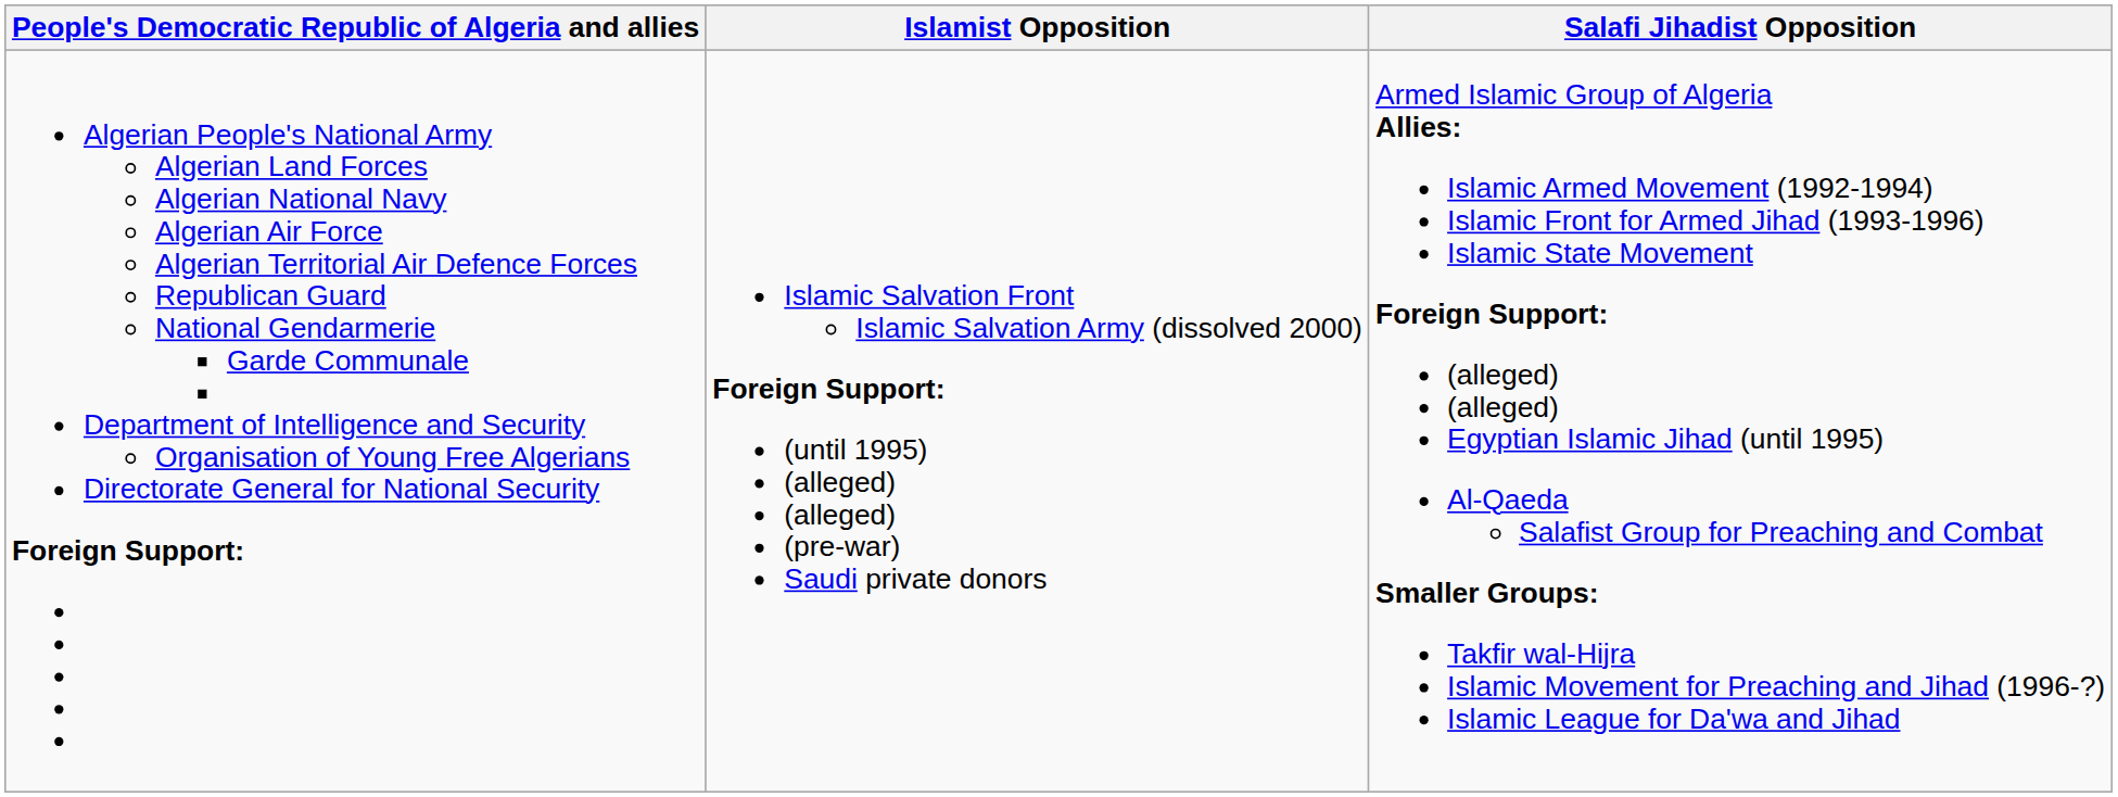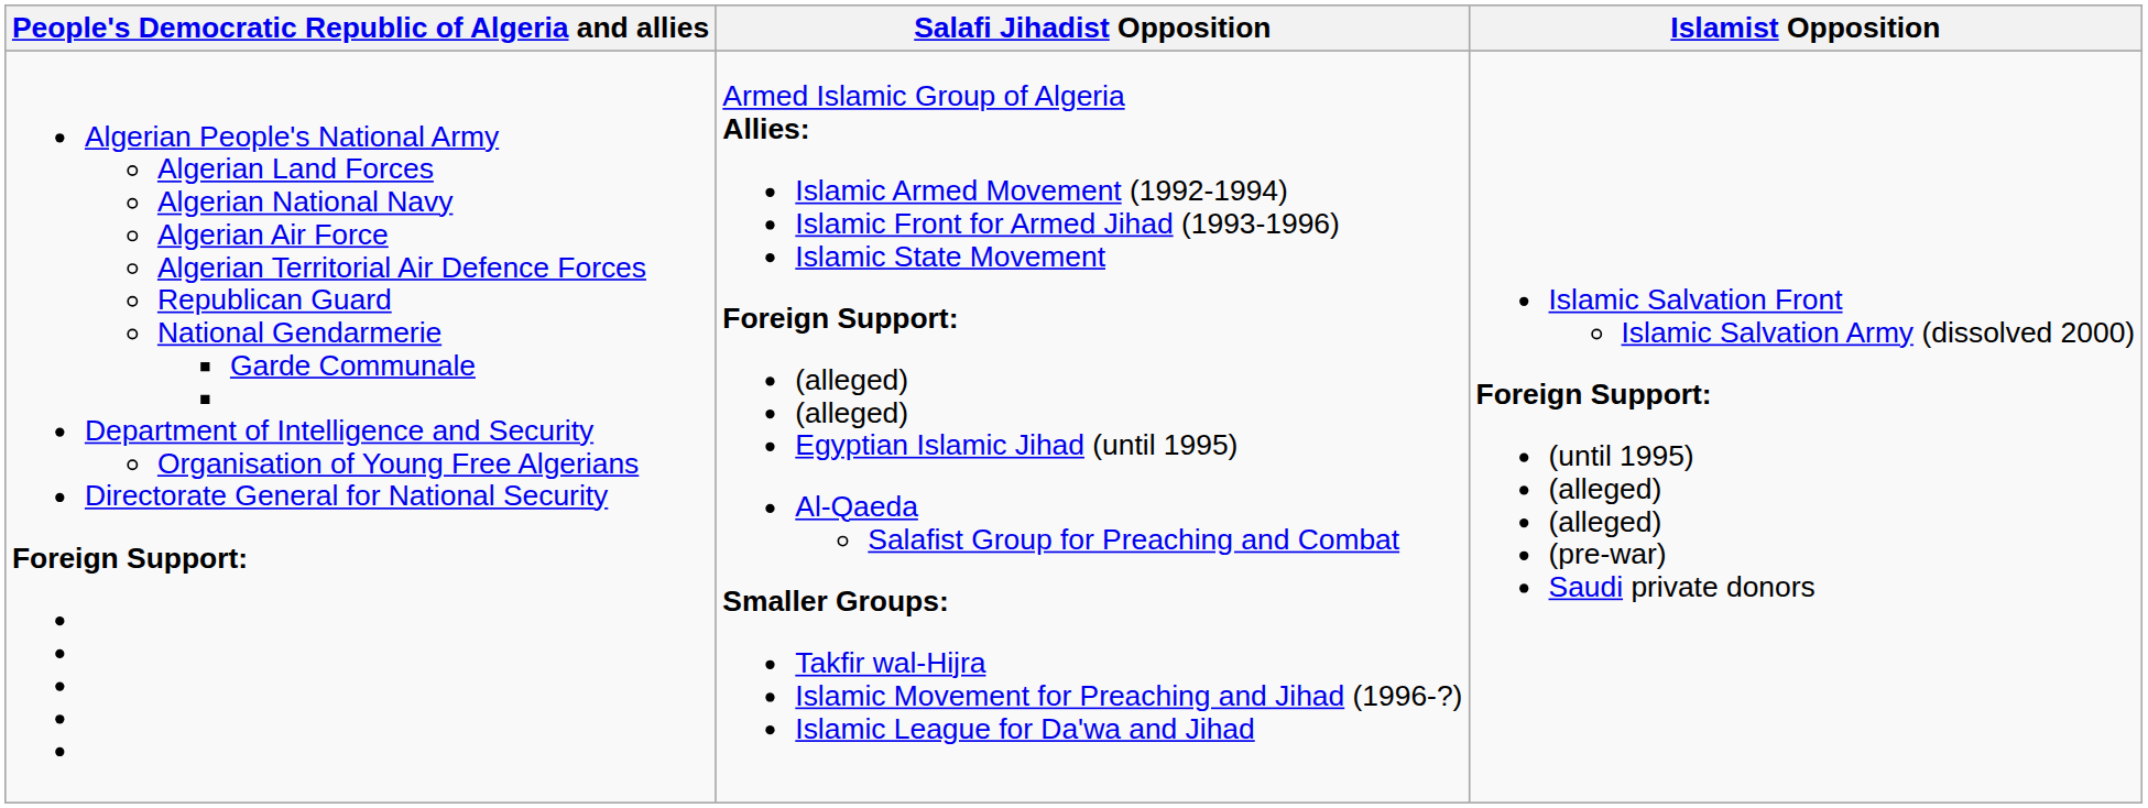 <table class="wikitable">
 <tr>
 <th><a href='#'>People's Democratic Republic of Algeria</a> and allies</th>
+<th> <a href='#'>Salafi Jihadist</a> Opposition</th>
 <th> <a href='#'>Islamist</a> Opposition</th>
-<th> <a href='#'>Salafi Jihadist</a> Opposition</th>
 </tr>
 <tr>
 <td><br><ul><li> <a href='#'>Algerian People's National Army</a><ul><li> <a href='#'>Algerian Land Forces</a></li><li> <a href='#'>Algerian National Navy</a></li><li> <a href='#'>Algerian Air Force</a></li><li> <a href='#'>Algerian Territorial Air Defence Forces</a></li><li> <a href='#'>Republican Guard</a></li><li> <a href='#'>National Gendarmerie</a><ul><li> <a href='#'>Garde Communale</a></li><li></li></ul></li></ul></li><li> <a href='#'>Department of Intelligence and Security</a><ul><li><a href='#'>Organisation of Young Free Algerians</a></li></ul></li><li> <a href='#'>Directorate General for National Security</a></li></ul> <strong>Foreign Support:</strong><ul><li></li><li></li><li></li><li></li><li></li></ul></td>
+<td> <a href='#'>Armed Islamic Group of Algeria</a><br><strong>Allies:</strong><ul><li> <a href='#'>Islamic Armed Movement</a> (1992-1994)</li><li> <a href='#'>Islamic Front for Armed Jihad</a> (1993-1996)</li><li> <a href='#'>Islamic State Movement</a></li></ul><strong>Foreign Support:</strong><ul><li> (alleged)</li><li> (alleged)</li><li> <a href='#'>Egyptian Islamic Jihad</a> (until 1995)</li></ul><ul><li> <a href='#'>Al-Qaeda</a><ul><li> <a href='#'>Salafist Group for Preaching and Combat</a></li></ul></li></ul><strong>Smaller Groups:</strong><ul><li> <a href='#'>Takfir wal-Hijra</a></li><li> <a href='#'>Islamic Movement for Preaching and Jihad</a> (1996-?)</li><li> <a href='#'>Islamic League for Da'wa and Jihad</a></li></ul></td>
 <td><br><ul><li> <a href='#'>Islamic Salvation Front</a><ul><li> <a href='#'>Islamic Salvation Army</a>  (dissolved 2000)</li></ul></li></ul> <strong>Foreign Support:</strong><ul><li> (until 1995)</li><li> (alleged)</li><li> (alleged)</li><li> (pre-war)</li><li> <a href='#'>Saudi</a> private donors</li></ul></td>
-<td> <a href='#'>Armed Islamic Group of Algeria</a><br><strong>Allies:</strong><ul><li> <a href='#'>Islamic Armed Movement</a> (1992-1994)</li><li> <a href='#'>Islamic Front for Armed Jihad</a> (1993-1996)</li><li> <a href='#'>Islamic State Movement</a></li></ul><strong>Foreign Support:</strong><ul><li> (alleged)</li><li> (alleged)</li><li> <a href='#'>Egyptian Islamic Jihad</a> (until 1995)</li></ul><ul><li> <a href='#'>Al-Qaeda</a><ul><li> <a href='#'>Salafist Group for Preaching and Combat</a></li></ul></li></ul><strong>Smaller Groups:</strong><ul><li> <a href='#'>Takfir wal-Hijra</a></li><li> <a href='#'>Islamic Movement for Preaching and Jihad</a> (1996-?)</li><li> <a href='#'>Islamic League for Da'wa and Jihad</a></li></ul></td>
 </tr>
 </table>
